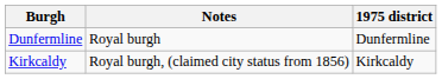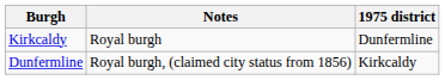 <table class="wikitable">
 <tr>
 <th>Burgh</th>
 <th>Notes</th>
 <th>1975 district</th>
 </tr>
 <tr>
-<td><a href='#'>Dunfermline</a></td>
+<td><a href='#'>Kirkcaldy</a></td>
 <td>Royal burgh</td>
 <td>Dunfermline</td>
 </tr>
 <tr>
-<td><a href='#'>Kirkcaldy</a></td>
+<td><a href='#'>Dunfermline</a></td>
 <td>Royal burgh, (claimed city status from 1856)</td>
 <td>Kirkcaldy</td>
 </tr>
 </table>
